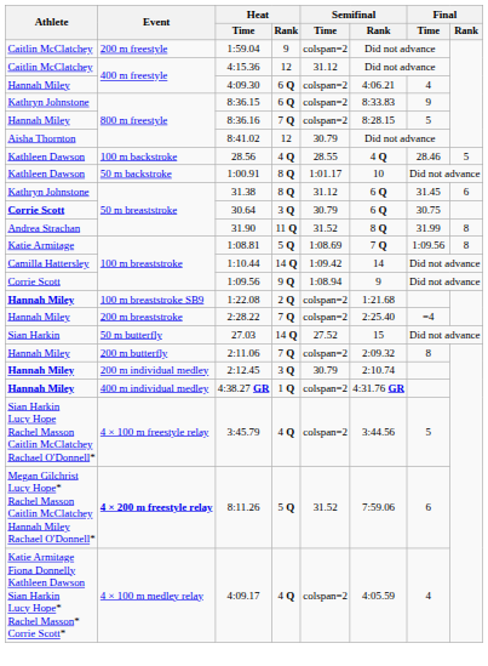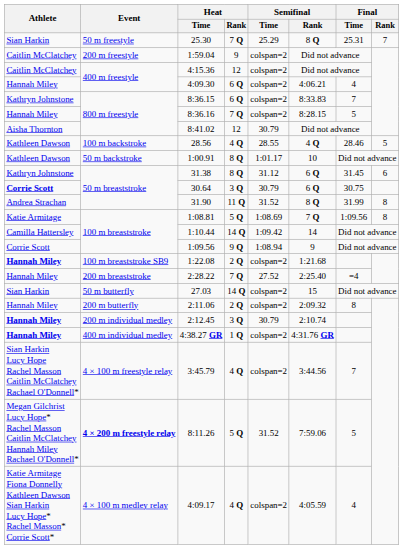 <table class=wikitable style=font-size:90%>
 <tr>
 <th rowspan=2>Athlete</th>
 <th rowspan=2>Event</th>
 <th colspan=2>Heat</th>
 <th colspan=2>Semifinal</th>
 <th colspan=2>Final</th>
 </tr>
 <tr style=font-size:95%>
 <th>Time</th>
 <th>Rank</th>
 <th>Time</th>
 <th>Rank</th>
 <th>Time</th>
 <th>Rank</th>
 </tr>
 <tr align=center>
+<td align=left><a href='#'>Sian Harkin</a></td>
+<td align=left><a href='#'>50 m freestyle</a></td>
+<td>25.30</td>
+<td>7 <strong>Q</strong></td>
+<td>25.29</td>
+<td>8 <strong>Q</strong></td>
+<td>25.31</td>
+<td>7</td>
+</tr>
+<tr align=center>
 <td align=left><a href='#'>Caitlin McClatchey</a></td>
 <td align=left><a href='#'>200 m freestyle</a></td>
 <td>1:59.04</td>
 <td>9</td>
 <td>colspan=2 </td>
 <td colspan=2>Did not advance</td>
 </tr>
 <tr align=center>
 <td align=left><a href='#'>Caitlin McClatchey</a></td>
 <td align=left rowspan=2><a href='#'>400 m freestyle</a></td>
 <td>4:15.36</td>
 <td>12</td>
-<td>31.12</td>
+<td>colspan=2 </td>
 <td colspan=2>Did not advance</td>
 </tr>
 <tr align=center>
 <td align=left><a href='#'>Hannah Miley</a></td>
 <td>4:09.30</td>
 <td>6 <strong>Q</strong></td>
 <td>colspan=2 </td>
 <td>4:06.21</td>
 <td>4</td>
 </tr>
 <tr align=center>
 <td align=left><a href='#'>Kathryn Johnstone</a></td>
 <td align=left rowspan=3><a href='#'>800 m freestyle</a></td>
 <td>8:36.15</td>
 <td>6 <strong>Q</strong></td>
 <td>colspan=2 </td>
 <td>8:33.83</td>
-<td>9</td>
+<td>7</td>
 </tr>
 <tr align=center>
 <td align=left><a href='#'>Hannah Miley</a></td>
 <td>8:36.16</td>
 <td>7 <strong>Q</strong></td>
 <td>colspan=2 </td>
 <td>8:28.15</td>
 <td>5</td>
 </tr>
 <tr align=center>
 <td align=left><a href='#'>Aisha Thornton</a></td>
 <td>8:41.02</td>
 <td>12</td>
 <td>30.79</td>
 <td colspan=2>Did not advance</td>
 </tr>
 <tr align=center>
 <td align=left><a href='#'>Kathleen Dawson</a></td>
 <td align=left><a href='#'>100 m backstroke</a></td>
 <td>28.56</td>
 <td>4 <strong>Q</strong></td>
 <td>28.55</td>
 <td>4 <strong>Q</strong></td>
 <td>28.46</td>
 <td>5</td>
 </tr>
 <tr align=center>
 <td align=left><a href='#'>Kathleen Dawson</a></td>
 <td align=left><a href='#'>50 m backstroke</a></td>
 <td>1:00.91</td>
 <td>8 <strong>Q</strong></td>
 <td>1:01.17</td>
 <td>10</td>
 <td colspan=2>Did not advance</td>
 </tr>
 <tr align=center>
 <td align=left><a href='#'>Kathryn Johnstone</a></td>
 <td align=left rowspan=3><a href='#'>50 m breaststroke</a></td>
 <td>31.38</td>
 <td>8 <strong>Q</strong></td>
 <td>31.12</td>
 <td>6 <strong>Q</strong></td>
 <td>31.45</td>
 <td>6</td>
 </tr>
 <tr align=center>
 <td align=left><strong><a href='#'>Corrie Scott</a></strong></td>
 <td>30.64</td>
 <td>3 <strong>Q</strong></td>
 <td>30.79</td>
 <td>6 <strong>Q</strong></td>
 <td>30.75</td>
 <td></td>
 </tr>
 <tr align=center>
 <td align=left><a href='#'>Andrea Strachan</a></td>
 <td>31.90</td>
 <td>11 <strong>Q</strong></td>
 <td>31.52</td>
 <td>8 <strong>Q</strong></td>
 <td>31.99</td>
 <td>8</td>
 </tr>
 <tr align=center>
 <td align=left><a href='#'>Katie Armitage</a></td>
 <td align=left rowspan=3><a href='#'>100 m breaststroke</a></td>
 <td>1:08.81</td>
 <td>5 <strong>Q</strong></td>
 <td>1:08.69</td>
 <td>7 <strong>Q</strong></td>
 <td>1:09.56</td>
 <td>8</td>
 </tr>
 <tr align=center>
 <td align=left><a href='#'>Camilla Hattersley</a></td>
 <td>1:10.44</td>
 <td>14 <strong>Q</strong></td>
 <td>1:09.42</td>
 <td>14</td>
 <td colspan=2>Did not advance</td>
 </tr>
 <tr align=center>
 <td align=left><a href='#'>Corrie Scott</a></td>
 <td>1:09.56</td>
 <td>9 <strong>Q</strong></td>
 <td>1:08.94</td>
 <td>9</td>
 <td colspan=2>Did not advance</td>
 </tr>
 <tr align=center>
 <td align=left><strong><a href='#'>Hannah Miley</a></strong></td>
 <td align=left><a href='#'>100 m breaststroke SB9</a></td>
 <td>1:22.08</td>
 <td>2 <strong>Q</strong></td>
 <td>colspan=2 </td>
 <td>1:21.68</td>
 <td></td>
 </tr>
 <tr align=center>
 <td align=left><a href='#'>Hannah Miley</a></td>
 <td align=left><a href='#'>200 m breaststroke</a></td>
 <td>2:28.22</td>
 <td>7 <strong>Q</strong></td>
-<td>colspan=2 </td>
+<td>27.52</td>
 <td>2:25.40</td>
 <td>=4</td>
 </tr>
 <tr align=center>
 <td align=left><a href='#'>Sian Harkin</a></td>
 <td align=left><a href='#'>50 m butterfly</a></td>
 <td>27.03</td>
 <td>14 <strong>Q</strong></td>
-<td>27.52</td>
+<td>colspan=2 </td>
 <td>15</td>
 <td colspan=2>Did not advance</td>
 </tr>
 <tr align=center>
 <td align=left><a href='#'>Hannah Miley</a></td>
 <td align=left><a href='#'>200 m butterfly</a></td>
 <td>2:11.06</td>
-<td>7 <strong>Q</strong></td>
+<td>2 <strong>Q</strong></td>
 <td>colspan=2 </td>
 <td>2:09.32</td>
 <td>8</td>
 </tr>
 <tr align=center>
 <td align=left><strong><a href='#'>Hannah Miley</a></strong></td>
 <td align=left><a href='#'>200 m individual medley</a></td>
 <td>2:12.45</td>
 <td>3 <strong>Q</strong></td>
 <td>30.79</td>
 <td>2:10.74</td>
 <td></td>
 </tr>
 <tr align=center>
 <td align=left><strong><a href='#'>Hannah Miley</a></strong></td>
 <td align=left><a href='#'>400 m individual medley</a></td>
 <td>4:38.27 <strong><a href='#'>GR</a></strong></td>
 <td>1 <strong>Q</strong></td>
 <td>colspan=2 </td>
 <td>4:31.76 <strong><a href='#'>GR</a></strong></td>
 <td></td>
 </tr>
 <tr align=center>
 <td align=left><a href='#'>Sian Harkin</a><br><a href='#'>Lucy Hope</a><br><a href='#'>Rachel Masson</a><br><a href='#'>Caitlin McClatchey</a><br><a href='#'>Rachael O'Donnell</a>*</td>
 <td align=left><a href='#'>4 × 100 m freestyle relay</a></td>
 <td>3:45.79</td>
 <td>4 <strong>Q</strong></td>
 <td>colspan=2 </td>
 <td>3:44.56</td>
-<td>5</td>
+<td>7</td>
 </tr>
 <tr align=center>
 <td align=left><a href='#'>Megan Gilchrist</a><br><a href='#'>Lucy Hope</a>*<br><a href='#'>Rachel Masson</a><br><a href='#'>Caitlin McClatchey</a><br><a href='#'>Hannah Miley</a><br><a href='#'>Rachael O'Donnell</a>*</td>
 <td align=left><strong><a href='#'>4 × 200 m freestyle relay</a></strong></td>
 <td>8:11.26</td>
 <td>5 <strong>Q</strong></td>
 <td>31.52</td>
 <td>7:59.06</td>
-<td>6</td>
+<td>5</td>
 </tr>
 <tr align=center>
 <td align=left><a href='#'>Katie Armitage</a><br><a href='#'>Fiona Donnelly</a><br><a href='#'>Kathleen Dawson</a><br><a href='#'>Sian Harkin</a><br><a href='#'>Lucy Hope</a>*<br><a href='#'>Rachel Masson</a>*<br><a href='#'>Corrie Scott</a>*</td>
 <td align=left><a href='#'>4 × 100 m medley relay</a></td>
 <td>4:09.17</td>
 <td>4 <strong>Q</strong></td>
 <td>colspan=2 </td>
 <td>4:05.59</td>
 <td>4</td>
 </tr>
 </table>
